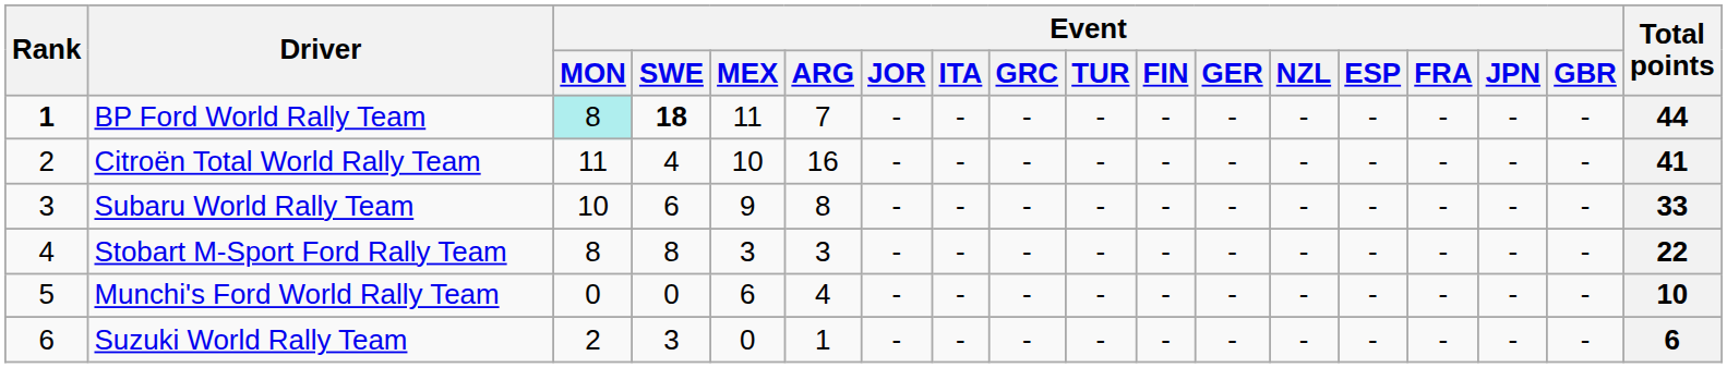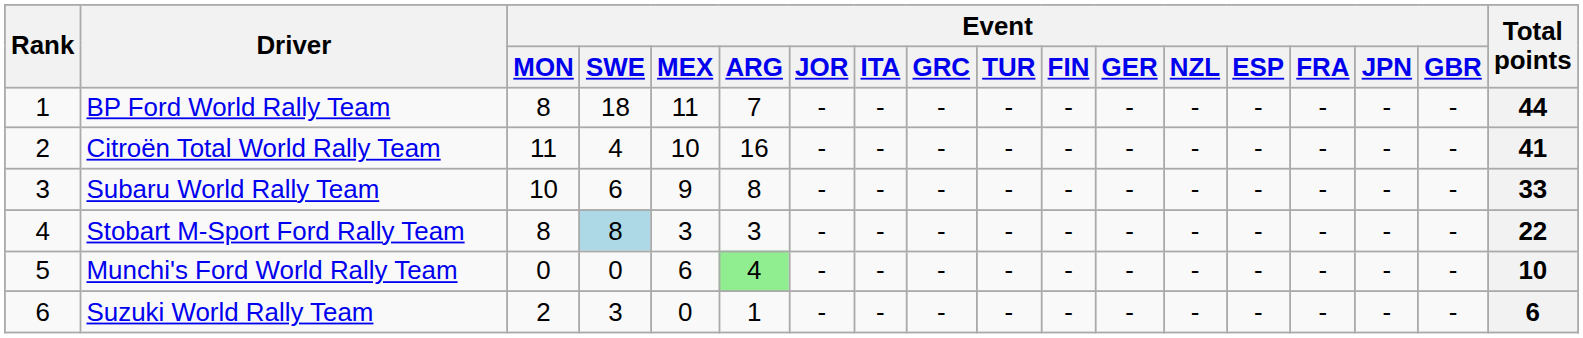 <table class="wikitable" style="text-align:center; font-size:90%;">
 <tr>
 <th rowspan=2>Rank</th>
 <th rowspan=2 style="width:16em">Driver</th>
 <th colspan=15>Event</th>
 <th rowspan=2>Total<br>points</th>
 </tr>
 <tr valign="top">
 <th><a href='#'>MON</a><br></th>
 <th><a href='#'>SWE</a><br></th>
 <th><a href='#'>MEX</a><br></th>
 <th><a href='#'>ARG</a><br></th>
 <th><a href='#'>JOR</a><br></th>
 <th><a href='#'>ITA</a><br></th>
 <th><a href='#'>GRC</a><br></th>
 <th><a href='#'>TUR</a><br></th>
 <th><a href='#'>FIN</a><br></th>
 <th><a href='#'>GER</a><br></th>
 <th><a href='#'>NZL</a><br></th>
 <th><a href='#'>ESP</a><br></th>
 <th><a href='#'>FRA</a><br></th>
 <th><a href='#'>JPN</a><br></th>
 <th><a href='#'>GBR</a><br></th>
 </tr>
 <tr>
-<td><strong>1</strong></td>
+<td>1</td>
 <td align="left"> <a href='#'>BP Ford World Rally Team</a></td>
-<td style="background: paleturquoise;">8</td>
-<td><strong>18</strong></td>
+<td>8</td>
+<td>18</td>
 <td>11</td>
 <td>7</td>
 <td>-</td>
 <td>-</td>
 <td>-</td>
 <td>-</td>
 <td>-</td>
 <td>-</td>
 <td>-</td>
 <td>-</td>
 <td>-</td>
 <td>-</td>
 <td>-</td>
 <th>44</th>
 </tr>
 <tr>
 <td>2</td>
 <td align="left"> <a href='#'>Citroën Total World Rally Team</a></td>
 <td>11</td>
 <td>4</td>
 <td>10</td>
 <td>16</td>
 <td>-</td>
 <td>-</td>
 <td>-</td>
 <td>-</td>
 <td>-</td>
 <td>-</td>
 <td>-</td>
 <td>-</td>
 <td>-</td>
 <td>-</td>
 <td>-</td>
 <th>41</th>
 </tr>
 <tr>
 <td>3</td>
 <td align="left"> <a href='#'>Subaru World Rally Team</a></td>
 <td>10</td>
 <td>6</td>
 <td>9</td>
 <td>8</td>
 <td>-</td>
 <td>-</td>
 <td>-</td>
 <td>-</td>
 <td>-</td>
 <td>-</td>
 <td>-</td>
 <td>-</td>
 <td>-</td>
 <td>-</td>
 <td>-</td>
 <th>33</th>
 </tr>
 <tr>
 <td>4</td>
 <td align="left"> <a href='#'>Stobart M-Sport Ford Rally Team</a></td>
 <td>8</td>
-<td>8</td>
+<td style="background: lightblue;">8</td>
 <td>3</td>
 <td>3</td>
 <td>-</td>
 <td>-</td>
 <td>-</td>
 <td>-</td>
 <td>-</td>
 <td>-</td>
 <td>-</td>
 <td>-</td>
 <td>-</td>
 <td>-</td>
 <td>-</td>
 <th>22</th>
 </tr>
 <tr>
 <td>5</td>
 <td align="left"> <a href='#'>Munchi's Ford World Rally Team</a></td>
 <td>0</td>
 <td>0</td>
 <td>6</td>
-<td>4</td>
+<td style="background: lightgreen;">4</td>
 <td>-</td>
 <td>-</td>
 <td>-</td>
 <td>-</td>
 <td>-</td>
 <td>-</td>
 <td>-</td>
 <td>-</td>
 <td>-</td>
 <td>-</td>
 <td>-</td>
 <th>10</th>
 </tr>
 <tr>
 <td>6</td>
 <td align="left"> <a href='#'>Suzuki World Rally Team</a></td>
 <td>2</td>
 <td>3</td>
 <td>0</td>
 <td>1</td>
 <td>-</td>
 <td>-</td>
 <td>-</td>
 <td>-</td>
 <td>-</td>
 <td>-</td>
 <td>-</td>
 <td>-</td>
 <td>-</td>
 <td>-</td>
 <td>-</td>
 <th>6</th>
 </tr>
 </table>
